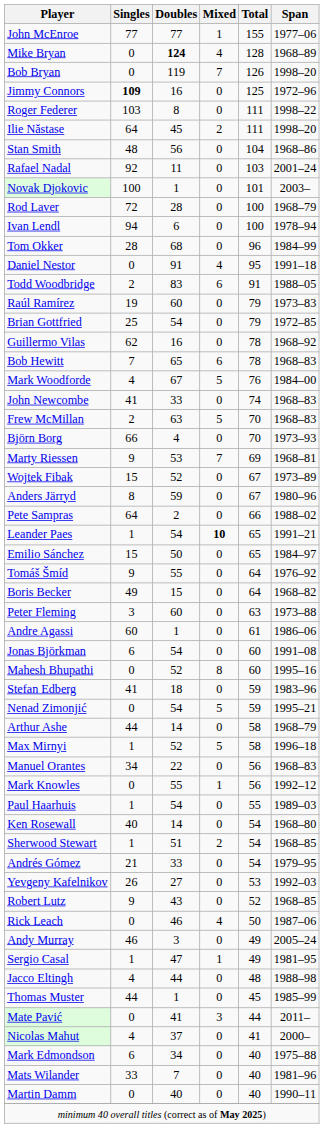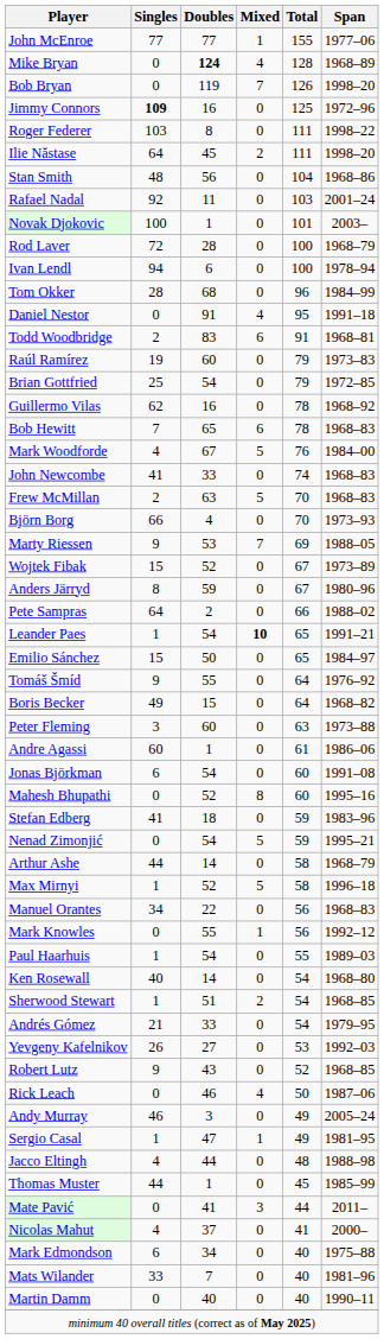 <table class="wikitable sortable" style="text-align:center; display:inline-table;">
 <tr>
 <th>Player</th>
 <th>Singles</th>
 <th>Doubles</th>
 <th>Mixed</th>
 <th>Total</th>
 <th>Span</th>
 </tr>
 <tr>
 <td style="text-align:left;"> <a href='#'>John McEnroe</a></td>
 <td>77</td>
 <td>77</td>
 <td>1</td>
 <td>155</td>
 <td>1977–06</td>
 </tr>
 <tr>
 <td style="text-align:left;"> <a href='#'>Mike Bryan</a></td>
 <td>0</td>
 <td><strong>124</strong></td>
 <td>4</td>
 <td>128</td>
 <td>1968–89</td>
 </tr>
 <tr>
 <td style="text-align:left;"> <a href='#'>Bob Bryan</a></td>
 <td>0</td>
 <td>119</td>
 <td>7</td>
 <td>126</td>
 <td>1998–20</td>
 </tr>
 <tr>
 <td style="text-align:left;"> <a href='#'>Jimmy Connors</a></td>
 <td><strong>109</strong></td>
 <td>16</td>
 <td>0</td>
 <td>125</td>
 <td>1972–96</td>
 </tr>
 <tr>
 <td style="text-align:left;"> <a href='#'>Roger Federer</a></td>
 <td>103</td>
 <td>8</td>
 <td>0</td>
 <td>111</td>
 <td>1998–22</td>
 </tr>
 <tr>
 <td style="text-align:left;"> <a href='#'>Ilie Năstase</a></td>
 <td>64</td>
 <td>45</td>
 <td>2</td>
 <td>111</td>
 <td>1998–20</td>
 </tr>
 <tr>
 <td style="text-align:left;"> <a href='#'>Stan Smith</a></td>
 <td>48</td>
 <td>56</td>
 <td>0</td>
 <td>104</td>
 <td>1968–86</td>
 </tr>
 <tr>
 <td style="text-align:left;"> <a href='#'>Rafael Nadal</a></td>
 <td>92</td>
 <td>11</td>
 <td>0</td>
 <td>103</td>
 <td>2001–24</td>
 </tr>
 <tr>
 <td style="text-align:left; background:#ddfddd;"> <a href='#'>Novak Djokovic</a></td>
 <td>100</td>
 <td>1</td>
 <td>0</td>
 <td>101</td>
 <td>2003–</td>
 </tr>
 <tr>
 <td style="text-align:left;"> <a href='#'>Rod Laver</a></td>
 <td>72</td>
 <td>28</td>
 <td>0</td>
 <td>100</td>
 <td>1968–79</td>
 </tr>
 <tr>
 <td style="text-align:left;"> <a href='#'>Ivan Lendl</a></td>
 <td>94</td>
 <td>6</td>
 <td>0</td>
 <td>100</td>
 <td>1978–94</td>
 </tr>
 <tr>
 <td style="text-align:left;"> <a href='#'>Tom Okker</a></td>
 <td>28</td>
 <td>68</td>
 <td>0</td>
 <td>96</td>
 <td>1984–99</td>
 </tr>
 <tr>
 <td style="text-align:left;"> <a href='#'>Daniel Nestor</a></td>
 <td>0</td>
 <td>91</td>
 <td>4</td>
 <td>95</td>
 <td>1991–18</td>
 </tr>
 <tr>
 <td style="text-align:left;"> <a href='#'>Todd Woodbridge</a></td>
 <td>2</td>
 <td>83</td>
 <td>6</td>
 <td>91</td>
-<td>1988–05</td>
+<td>1968–81</td>
 </tr>
 <tr>
 <td style="text-align:left;"> <a href='#'>Raúl Ramírez</a></td>
 <td>19</td>
 <td>60</td>
 <td>0</td>
 <td>79</td>
 <td>1973–83</td>
 </tr>
 <tr>
 <td style="text-align:left;"> <a href='#'>Brian Gottfried</a></td>
 <td>25</td>
 <td>54</td>
 <td>0</td>
 <td>79</td>
 <td>1972–85</td>
 </tr>
 <tr>
 <td style="text-align:left;"> <a href='#'>Guillermo Vilas</a></td>
 <td>62</td>
 <td>16</td>
 <td>0</td>
 <td>78</td>
 <td>1968–92</td>
 </tr>
 <tr>
 <td style="text-align:left;"> <a href='#'>Bob Hewitt</a></td>
 <td>7</td>
 <td>65</td>
 <td>6</td>
 <td>78</td>
 <td>1968–83</td>
 </tr>
 <tr>
 <td style="text-align:left;"> <a href='#'>Mark Woodforde</a></td>
 <td>4</td>
 <td>67</td>
 <td>5</td>
 <td>76</td>
 <td>1984–00</td>
 </tr>
 <tr>
 <td style="text-align:left;"> <a href='#'>John Newcombe</a></td>
 <td>41</td>
 <td>33</td>
 <td>0</td>
 <td>74</td>
 <td>1968–83</td>
 </tr>
 <tr>
 <td style="text-align:left;"> <a href='#'>Frew McMillan</a></td>
 <td>2</td>
 <td>63</td>
 <td>5</td>
 <td>70</td>
 <td>1968–83</td>
 </tr>
 <tr>
 <td style="text-align:left;"> <a href='#'>Björn Borg</a></td>
 <td>66</td>
 <td>4</td>
 <td>0</td>
 <td>70</td>
 <td>1973–93</td>
 </tr>
 <tr>
 <td style="text-align:left;"> <a href='#'>Marty Riessen</a></td>
 <td>9</td>
 <td>53</td>
 <td>7</td>
 <td>69</td>
-<td>1968–81</td>
+<td>1988–05</td>
 </tr>
 <tr>
 <td style="text-align:left;"> <a href='#'>Wojtek Fibak</a></td>
 <td>15</td>
 <td>52</td>
 <td>0</td>
 <td>67</td>
 <td>1973–89</td>
 </tr>
 <tr>
 <td style="text-align:left;"> <a href='#'>Anders Järryd</a></td>
 <td>8</td>
 <td>59</td>
 <td>0</td>
 <td>67</td>
 <td>1980–96</td>
 </tr>
 <tr>
 <td style="text-align:left;"> <a href='#'>Pete Sampras</a></td>
 <td>64</td>
 <td>2</td>
 <td>0</td>
 <td>66</td>
 <td>1988–02</td>
 </tr>
 <tr>
 <td style="text-align:left;"> <a href='#'>Leander Paes</a></td>
 <td>1</td>
 <td>54</td>
 <td><strong>10</strong></td>
 <td>65</td>
 <td>1991–21</td>
 </tr>
 <tr>
 <td style="text-align:left;"> <a href='#'>Emilio Sánchez</a></td>
 <td>15</td>
 <td>50</td>
 <td>0</td>
 <td>65</td>
 <td>1984–97</td>
 </tr>
 <tr>
 <td style="text-align:left;"> <a href='#'>Tomáš Šmíd</a></td>
 <td>9</td>
 <td>55</td>
 <td>0</td>
 <td>64</td>
 <td>1976–92</td>
 </tr>
 <tr>
 <td style="text-align:left;"> <a href='#'>Boris Becker</a></td>
 <td>49</td>
 <td>15</td>
 <td>0</td>
 <td>64</td>
 <td>1968–82</td>
 </tr>
 <tr>
 <td style="text-align:left;"> <a href='#'>Peter Fleming</a></td>
 <td>3</td>
 <td>60</td>
 <td>0</td>
 <td>63</td>
 <td>1973–88</td>
 </tr>
 <tr>
 <td style="text-align:left;"> <a href='#'>Andre Agassi</a></td>
 <td>60</td>
 <td>1</td>
 <td>0</td>
 <td>61</td>
 <td>1986–06</td>
 </tr>
 <tr>
 <td style="text-align:left;"> <a href='#'>Jonas Björkman</a></td>
 <td>6</td>
 <td>54</td>
 <td>0</td>
 <td>60</td>
 <td>1991–08</td>
 </tr>
 <tr>
 <td style="text-align:left;"> <a href='#'>Mahesh Bhupathi</a></td>
 <td>0</td>
 <td>52</td>
 <td>8</td>
 <td>60</td>
 <td>1995–16</td>
 </tr>
 <tr>
 <td style="text-align:left;"> <a href='#'>Stefan Edberg</a></td>
 <td>41</td>
 <td>18</td>
 <td>0</td>
 <td>59</td>
 <td>1983–96</td>
 </tr>
 <tr>
 <td style="text-align:left;"> <a href='#'>Nenad Zimonjić</a></td>
 <td>0</td>
 <td>54</td>
 <td>5</td>
 <td>59</td>
 <td>1995–21</td>
 </tr>
 <tr>
 <td style="text-align:left;"> <a href='#'>Arthur Ashe</a></td>
 <td>44</td>
 <td>14</td>
 <td>0</td>
 <td>58</td>
 <td>1968–79</td>
 </tr>
 <tr>
 <td style="text-align:left;"> <a href='#'>Max Mirnyi</a></td>
 <td>1</td>
 <td>52</td>
 <td>5</td>
 <td>58</td>
 <td>1996–18</td>
 </tr>
 <tr>
 <td style="text-align:left;"> <a href='#'>Manuel Orantes</a></td>
 <td>34</td>
 <td>22</td>
 <td>0</td>
 <td>56</td>
 <td>1968–83</td>
 </tr>
 <tr>
 <td style="text-align:left;"> <a href='#'>Mark Knowles</a></td>
 <td>0</td>
 <td>55</td>
 <td>1</td>
 <td>56</td>
 <td>1992–12</td>
 </tr>
 <tr>
 <td style="text-align:left;"> <a href='#'>Paul Haarhuis</a></td>
 <td>1</td>
 <td>54</td>
 <td>0</td>
 <td>55</td>
 <td>1989–03</td>
 </tr>
 <tr>
 <td style="text-align:left;"> <a href='#'>Ken Rosewall</a></td>
 <td>40</td>
 <td>14</td>
 <td>0</td>
 <td>54</td>
 <td>1968–80</td>
 </tr>
 <tr>
 <td style="text-align:left;"> <a href='#'>Sherwood Stewart</a></td>
 <td>1</td>
 <td>51</td>
 <td>2</td>
 <td>54</td>
 <td>1968–85</td>
 </tr>
 <tr>
 <td style="text-align:left;"> <a href='#'>Andrés Gómez</a></td>
 <td>21</td>
 <td>33</td>
 <td>0</td>
 <td>54</td>
 <td>1979–95</td>
 </tr>
 <tr>
 <td style="text-align:left;"> <a href='#'>Yevgeny Kafelnikov</a></td>
 <td>26</td>
 <td>27</td>
 <td>0</td>
 <td>53</td>
 <td>1992–03</td>
 </tr>
 <tr>
 <td style="text-align:left;"> <a href='#'>Robert Lutz</a></td>
 <td>9</td>
 <td>43</td>
 <td>0</td>
 <td>52</td>
 <td>1968–85</td>
 </tr>
 <tr>
 <td style="text-align:left;"> <a href='#'>Rick Leach</a></td>
 <td>0</td>
 <td>46</td>
 <td>4</td>
 <td>50</td>
 <td>1987–06</td>
 </tr>
 <tr>
 <td style="text-align:left;"> <a href='#'>Andy Murray</a></td>
 <td>46</td>
 <td>3</td>
 <td>0</td>
 <td>49</td>
 <td>2005–24</td>
 </tr>
 <tr>
 <td style="text-align:left;"> <a href='#'>Sergio Casal</a></td>
 <td>1</td>
 <td>47</td>
 <td>1</td>
 <td>49</td>
 <td>1981–95</td>
 </tr>
 <tr>
 <td style="text-align:left;"> <a href='#'>Jacco Eltingh</a></td>
 <td>4</td>
 <td>44</td>
 <td>0</td>
 <td>48</td>
 <td>1988–98</td>
 </tr>
 <tr>
 <td style="text-align:left;"> <a href='#'>Thomas Muster</a></td>
 <td>44</td>
 <td>1</td>
 <td>0</td>
 <td>45</td>
 <td>1985–99</td>
 </tr>
 <tr>
 <td style="text-align:left;background:#ddfddd;"> <a href='#'>Mate Pavić</a></td>
 <td>0</td>
 <td>41</td>
 <td>3</td>
 <td>44</td>
 <td>2011–</td>
 </tr>
 <tr>
 <td style="text-align:left; background:#ddfddd;"> <a href='#'>Nicolas Mahut</a></td>
 <td>4</td>
 <td>37</td>
 <td>0</td>
 <td>41</td>
 <td>2000–</td>
 </tr>
 <tr>
 <td style="text-align:left;"> <a href='#'>Mark Edmondson</a></td>
 <td>6</td>
 <td>34</td>
 <td>0</td>
 <td>40</td>
 <td>1975–88</td>
 </tr>
 <tr>
 <td style="text-align:left;"> <a href='#'>Mats Wilander</a></td>
 <td>33</td>
 <td>7</td>
 <td>0</td>
 <td>40</td>
 <td>1981–96</td>
 </tr>
 <tr>
 <td style="text-align:left;"> <a href='#'>Martin Damm</a></td>
 <td>0</td>
 <td>40</td>
 <td>0</td>
 <td>40</td>
 <td>1990–11</td>
 </tr>
 <tr>
 </tr>
 <tr>
 <td colspan=6 style="text-align: center;"><small><em>minimum 40 overall titles</em> (correct as of <strong>May 2025</strong>)</small></td>
 </tr>
 </table>
